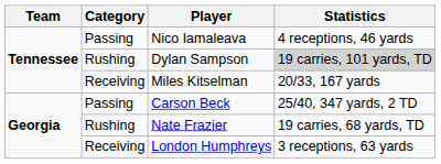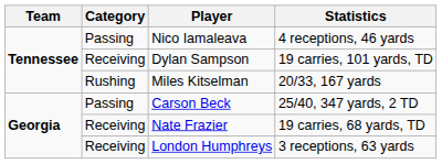 <table class="wikitable" style="float: right;">
 <tr>
 <th>Team</th>
 <th>Category</th>
 <th>Player</th>
 <th>Statistics</th>
 </tr>
 <tr>
 <td rowspan=3><strong>Tennessee</strong></td>
 <td>Passing</td>
 <td>Nico Iamaleava</td>
 <td>4 receptions, 46 yards</td>
 </tr>
 <tr>
-<td>Rushing</td>
+<td>Receiving</td>
 <td>Dylan Sampson</td>
-<td style="background: lightgrey;">19 carries, 101 yards, TD</td>
+<td>19 carries, 101 yards, TD</td>
 </tr>
 <tr>
-<td>Receiving</td>
+<td>Rushing</td>
 <td>Miles Kitselman</td>
 <td>20/33, 167 yards</td>
 </tr>
 <tr>
 <td rowspan=3><strong>Georgia</strong></td>
 <td>Passing</td>
 <td><a href='#'>Carson Beck</a></td>
 <td>25/40, 347 yards, 2 TD</td>
 </tr>
 <tr>
-<td>Rushing</td>
+<td>Receiving</td>
 <td><a href='#'>Nate Frazier</a></td>
 <td>19 carries, 68 yards, TD</td>
 </tr>
 <tr>
 <td>Receiving</td>
 <td><a href='#'>London Humphreys</a></td>
 <td>3 receptions, 63 yards</td>
 </tr>
 </table>
